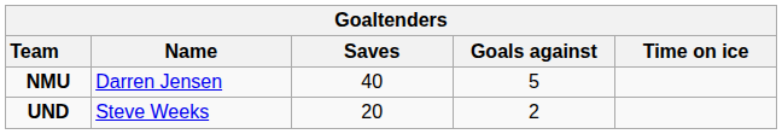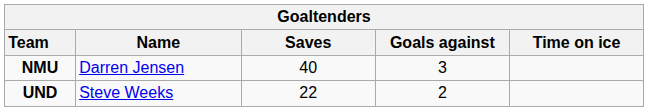 <table class="wikitable" style="width:40em; text-align:right;">
 <tr>
 <th colspan=5>Goaltenders</th>
 </tr>
 <tr>
 <th style="width:4em; text-align:left;">Team</th>
 <th style="width:10em;">Name</th>
 <th style="width:8em;">Saves</th>
 <th style="width:8em;">Goals against</th>
 <th style="width:8em;">Time on ice</th>
 </tr>
 <tr>
 <td align=center><strong>NMU</strong></td>
 <td style="text-align:left;"><a href='#'>Darren Jensen</a></td>
 <td align=center>40</td>
-<td align=center>5</td>
+<td align=center>3</td>
 <td align=center></td>
 </tr>
 <tr>
 <td align=center><strong>UND</strong></td>
 <td style="text-align:left;"><a href='#'>Steve Weeks</a></td>
-<td align=center>20</td>
+<td align=center>22</td>
 <td align=center>2</td>
 <td align=center></td>
 </tr>
 </table>
